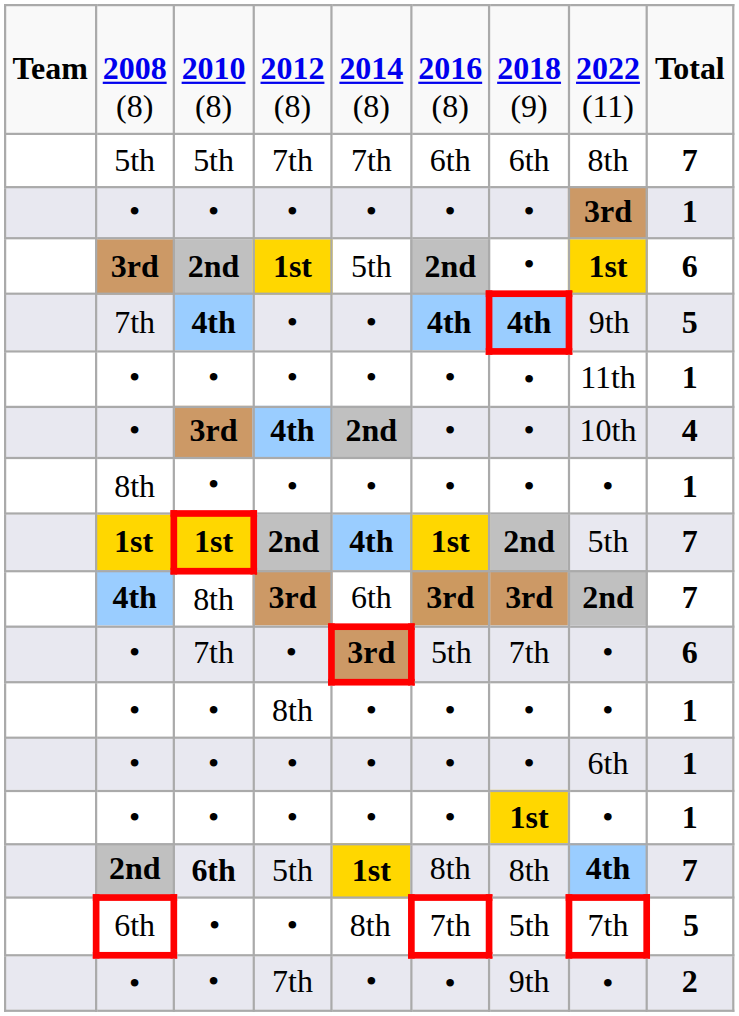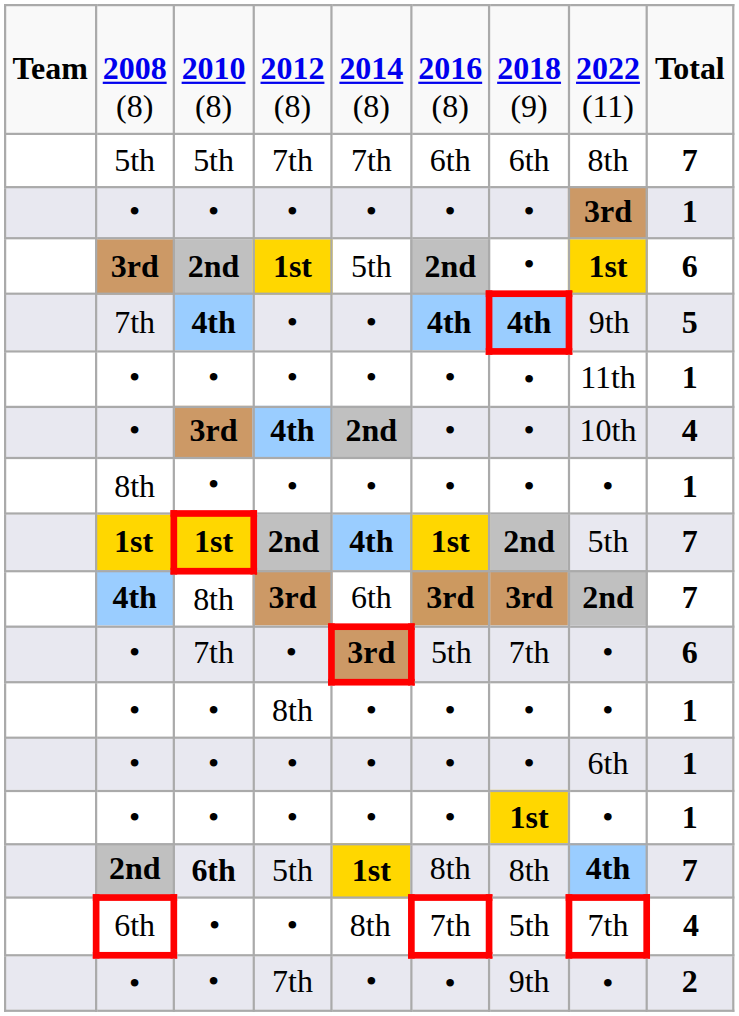 <table class="wikitable shortable" style="text-align:center; font-size:90%">
 <tr>
 <td><strong>Team</strong></td>
 <td><br><strong><a href='#'>2008</a></strong><br>(8)</td>
 <td><br><strong><a href='#'>2010</a></strong><br>(8)</td>
 <td><br><strong><a href='#'>2012</a></strong><br>(8)</td>
 <td><br><strong><a href='#'>2014</a></strong><br>(8)</td>
 <td><br><strong><a href='#'>2016</a></strong><br>(8)</td>
 <td><br><strong><a href='#'>2018</a></strong><br>(9)</td>
 <td><br><strong><a href='#'>2022</a></strong><br>(11)</td>
 <td><strong>Total</strong></td>
 </tr>
 <tr bgcolor=#ffffff>
 <td align=left></td>
 <td>5th</td>
 <td>5th</td>
 <td>7th</td>
 <td>7th</td>
 <td>6th</td>
 <td>6th</td>
 <td>8th</td>
 <td><strong>7</strong></td>
 </tr>
 <tr bgcolor=#e8e8f0>
 <td align=left></td>
 <td>•</td>
 <td>•</td>
 <td>•</td>
 <td>•</td>
 <td>•</td>
 <td>•</td>
 <td bgcolor="cc9966"><strong>3rd</strong></td>
 <td><strong>1</strong></td>
 </tr>
 <tr bgcolor=#ffffff>
 <td align=left></td>
 <td bgcolor="cc9966"><strong>3rd</strong></td>
 <td bgcolor="silver"><strong>2nd</strong></td>
 <td bgcolor="gold"><strong>1st</strong></td>
 <td>5th</td>
 <td bgcolor="silver"><strong>2nd</strong></td>
 <td>•</td>
 <td bgcolor="gold"><strong>1st</strong></td>
 <td><strong>6</strong></td>
 </tr>
 <tr bgcolor=#e8e8f0>
 <td align=left></td>
 <td>7th</td>
 <td bgcolor="9acdff"><strong>4th</strong></td>
 <td>•</td>
 <td>•</td>
 <td bgcolor="9acdff"><strong>4th</strong></td>
 <td style="border:3px solid red" bgcolor="9acdff"><strong>4th</strong></td>
 <td>9th</td>
 <td><strong>5</strong></td>
 </tr>
 <tr bgcolor=#ffffff>
 <td align=left></td>
 <td>•</td>
 <td>•</td>
 <td>•</td>
 <td>•</td>
 <td>•</td>
 <td>•</td>
 <td>11th</td>
 <td><strong>1</strong></td>
 </tr>
 <tr bgcolor=#e8e8f0>
 <td align=left></td>
 <td>•</td>
 <td bgcolor="cc9966"><strong>3rd</strong></td>
 <td bgcolor="9acdff"><strong>4th</strong></td>
 <td bgcolor="silver"><strong>2nd</strong></td>
 <td>•</td>
 <td>•</td>
 <td>10th</td>
 <td><strong>4</strong></td>
 </tr>
 <tr bgcolor=#ffffff>
 <td align=left></td>
 <td>8th</td>
 <td>•</td>
 <td>•</td>
 <td>•</td>
 <td>•</td>
 <td>•</td>
 <td>•</td>
 <td><strong>1</strong></td>
 </tr>
 <tr bgcolor=#e8e8f0>
 <td align=left></td>
 <td bgcolor="gold"><strong>1st</strong></td>
 <td style="border:3px solid red" bgcolor="gold"><strong>1st</strong></td>
 <td bgcolor="silver"><strong>2nd</strong></td>
 <td bgcolor="9acdff"><strong>4th</strong></td>
 <td bgcolor="gold"><strong>1st</strong></td>
 <td bgcolor="silver"><strong>2nd</strong></td>
 <td>5th</td>
 <td><strong>7</strong></td>
 </tr>
 <tr bgcolor=#ffffff>
 <td align=left></td>
 <td bgcolor="9acdff"><strong>4th</strong></td>
 <td>8th</td>
 <td bgcolor="cc9966"><strong>3rd</strong></td>
 <td>6th</td>
 <td bgcolor="cc996"><strong>3rd</strong></td>
 <td bgcolor="cc9966"><strong>3rd</strong></td>
 <td bgcolor="silver"><strong>2nd</strong></td>
 <td><strong>7</strong></td>
 </tr>
 <tr bgcolor=#e8e8f0>
 <td align=left></td>
 <td>•</td>
 <td>7th</td>
 <td>•</td>
 <td style="border:3px solid red" bgcolor="cc9966"><strong>3rd</strong></td>
 <td>5th</td>
 <td>7th</td>
 <td>•</td>
 <td><strong>6</strong></td>
 </tr>
 <tr bgcolor=#ffffff>
 <td align=left></td>
 <td>•</td>
 <td>•</td>
 <td>8th</td>
 <td>•</td>
 <td>•</td>
 <td>•</td>
 <td>•</td>
 <td><strong>1</strong></td>
 </tr>
 <tr bgcolor=#e8e8f0>
 <td align=left></td>
 <td>•</td>
 <td>•</td>
 <td>•</td>
 <td>•</td>
 <td>•</td>
 <td>•</td>
 <td>6th</td>
 <td><strong>1</strong></td>
 </tr>
 <tr bgcolor=#ffffff>
 <td align=left></td>
 <td>•</td>
 <td>•</td>
 <td>•</td>
 <td>•</td>
 <td>•</td>
 <td bgcolor="gold"><strong>1st</strong></td>
 <td>•</td>
 <td><strong>1</strong></td>
 </tr>
 <tr bgcolor=#e8e8f0>
 <td align=left></td>
 <td bgcolor="silver"><strong>2nd</strong></td>
 <td><strong>6th</strong></td>
 <td>5th</td>
 <td bgcolor="gold"><strong>1st</strong></td>
 <td>8th</td>
 <td>8th</td>
 <td bgcolor="9acdff"><strong>4th</strong></td>
 <td><strong>7</strong></td>
 </tr>
 <tr bgcolor=#ffffff>
 <td align=left></td>
 <td style="border:3px solid red">6th</td>
 <td>•</td>
 <td>•</td>
 <td>8th</td>
 <td style="border:3px solid red">7th</td>
 <td>5th</td>
 <td style="border:3px solid red">7th</td>
-<td><strong>5</strong></td>
+<td><strong>4</strong></td>
 </tr>
 <tr bgcolor=#e8e8f0>
 <td align=left></td>
 <td>•</td>
 <td>•</td>
 <td>7th</td>
 <td>•</td>
 <td>•</td>
 <td>9th</td>
 <td>•</td>
 <td><strong>2</strong></td>
 </tr>
 </table>
